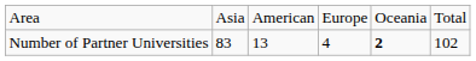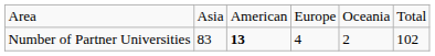 <table class="wikitable">
 <tr>
 <td>Area</td>
 <td>Asia</td>
 <td>American</td>
 <td>Europe</td>
 <td>Oceania</td>
 <td>Total</td>
 </tr>
 <tr>
 <td>Number of Partner Universities</td>
 <td>83</td>
-<td>13</td>
+<td><strong>13</strong></td>
 <td>4</td>
-<td><strong>2</strong></td>
+<td>2</td>
 <td>102</td>
 </tr>
 </table>
